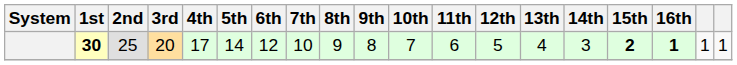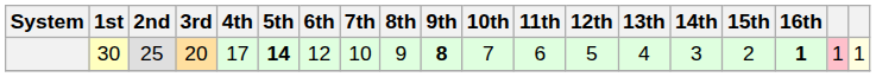 <table class="wikitable" style="font-size:85%; text-align:center;">
 <tr>
 <th>System</th>
 <th>1st</th>
 <th>2nd</th>
 <th>3rd</th>
 <th>4th</th>
 <th>5th</th>
 <th>6th</th>
 <th>7th</th>
 <th>8th</th>
 <th>9th</th>
 <th>10th</th>
 <th>11th</th>
 <th>12th</th>
 <th>13th</th>
 <th>14th</th>
 <th>15th</th>
 <th>16th</th>
 <th></th>
 <th></th>
 </tr>
 <tr>
 <th></th>
-<td style="background:#ffffbf;"><strong>30</strong></td>
+<td style="background:#ffffbf;">30</td>
 <td style="background:#dfdfdf;">25</td>
 <td style="background:#ffdf9f;">20</td>
 <td style="background:#dfffdf;">17</td>
-<td style="background:#dfffdf;">14</td>
+<td style="background:#dfffdf;"><strong>14</strong></td>
 <td style="background:#dfffdf;">12</td>
 <td style="background:#dfffdf;">10</td>
 <td style="background:#dfffdf;">9</td>
-<td style="background:#dfffdf;">8</td>
+<td style="background:#dfffdf;"><strong>8</strong></td>
 <td style="background:#dfffdf;">7</td>
 <td style="background:#dfffdf;">6</td>
 <td style="background:#dfffdf;">5</td>
 <td style="background:#dfffdf;">4</td>
 <td style="background:#dfffdf;">3</td>
-<td style="background:#dfffdf;"><strong>2</strong></td>
+<td style="background:#dfffdf;">2</td>
 <td style="background:#dfffdf;"><strong>1</strong></td>
-<td>1</td>
-<td>1</td>
+<td style="background: pink;">1</td>
+<td style="background: lightyellow;">1</td>
 </tr>
 <tr>
 </tr>
 </table>
